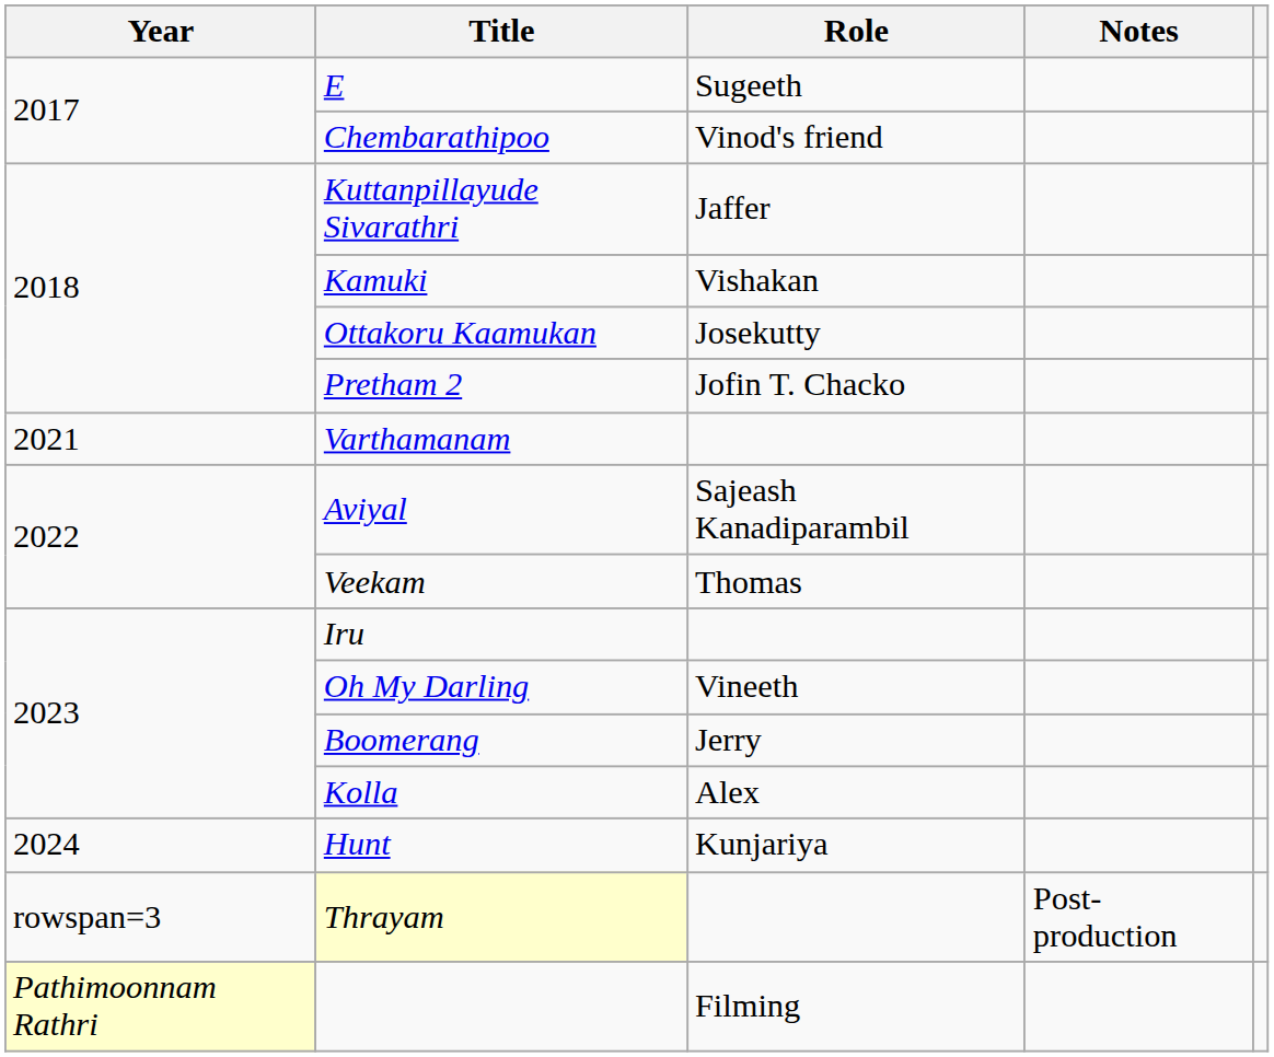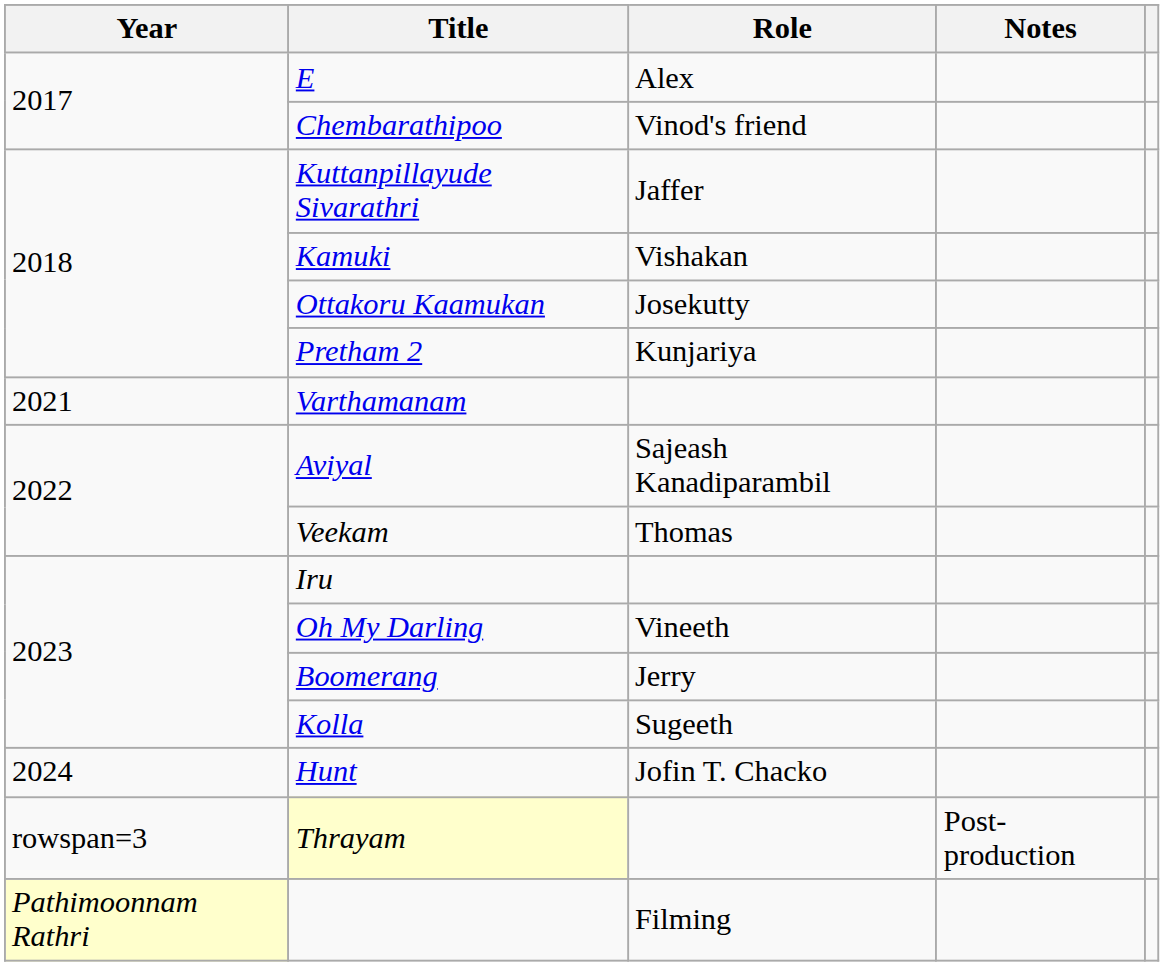 <table class="wikitable sortable">
 <tr>
 <th>Year</th>
 <th>Title</th>
 <th>Role</th>
 <th class="unsortable">Notes</th>
 <th class="unsortable"></th>
 </tr>
 <tr>
 <td rowspan=2>2017</td>
 <td><em><a href='#'>E</a></em></td>
-<td>Sugeeth</td>
+<td>Alex</td>
 <td></td>
 <td></td>
 </tr>
 <tr>
 <td><em><a href='#'>Chembarathipoo</a></em></td>
 <td>Vinod's friend</td>
 <td></td>
 <td></td>
 </tr>
 <tr>
 <td rowspan=4>2018</td>
 <td><em><a href='#'>Kuttanpillayude Sivarathri</a></em></td>
 <td>Jaffer</td>
 <td></td>
 <td></td>
 </tr>
 <tr>
 <td><em><a href='#'>Kamuki</a></em></td>
 <td>Vishakan</td>
 <td></td>
 <td></td>
 </tr>
 <tr>
 <td><em><a href='#'>Ottakoru Kaamukan</a></em></td>
 <td>Josekutty</td>
 <td></td>
 <td></td>
 </tr>
 <tr>
 <td><em><a href='#'>Pretham 2</a></em></td>
-<td>Jofin T. Chacko</td>
+<td>Kunjariya</td>
 <td></td>
 <td></td>
 </tr>
 <tr>
 <td>2021</td>
 <td><em><a href='#'>Varthamanam</a></em></td>
 <td></td>
 <td></td>
 <td></td>
 </tr>
 <tr>
 <td rowspan=2>2022</td>
 <td><em><a href='#'>Aviyal</a></em></td>
 <td>Sajeash Kanadiparambil</td>
 <td></td>
 <td></td>
 </tr>
 <tr>
 <td><em>Veekam</em></td>
 <td>Thomas</td>
 <td></td>
 <td></td>
 </tr>
 <tr>
 <td rowspan=4>2023</td>
 <td><em>Iru</em></td>
 <td></td>
 <td></td>
 <td></td>
 </tr>
 <tr>
 <td><em><a href='#'>Oh My Darling</a></em></td>
 <td>Vineeth</td>
 <td></td>
 <td></td>
 </tr>
 <tr>
 <td><em><a href='#'>Boomerang</a></em></td>
 <td>Jerry</td>
 <td></td>
 <td></td>
 </tr>
 <tr>
 <td><em><a href='#'>Kolla</a></em></td>
-<td>Alex</td>
+<td>Sugeeth</td>
 <td></td>
 <td></td>
 </tr>
 <tr>
 <td>2024</td>
 <td><em><a href='#'>Hunt</a></em></td>
-<td>Kunjariya</td>
+<td>Jofin T. Chacko</td>
 <td></td>
 <td></td>
 </tr>
 <tr>
 <td>rowspan=3 </td>
 <td ! scope="row"style="background:#ffc;"><em>Thrayam</em></td>
 <td></td>
 <td>Post-production</td>
 <td></td>
 </tr>
 <tr>
 <td ! scope="row" style="background:#ffc;"><em>Pathimoonnam Rathri</em> </td>
 <td></td>
 <td>Filming</td>
 <td></td>
 </tr>
 </table>
